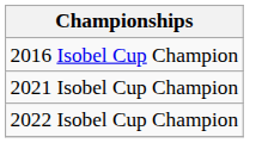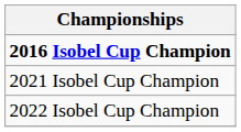 <table class="wikitable">
 <tr>
 <th>Championships</th>
 </tr>
 <tr>
-<td>2016 <a href='#'>Isobel Cup</a> Champion</td>
+<td><strong>2016 <a href='#'>Isobel Cup</a> Champion</strong></td>
 </tr>
 <tr>
 <td>2021 Isobel Cup Champion</td>
 </tr>
 <tr>
 <td>2022 Isobel Cup Champion</td>
 </tr>
 <tr>
 </tr>
 </table>
